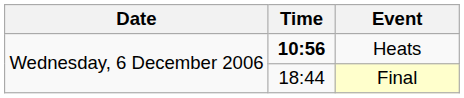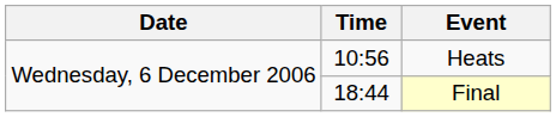 <table class = "wikitable" style="text-align:center;">
 <tr>
 <th width=220>Date</th>
 <th width=50>Time</th>
 <th width=100>Event</th>
 </tr>
 <tr>
 <td rowspan=2>Wednesday, 6 December 2006</td>
-<td><strong>10:56</strong></td>
+<td>10:56</td>
 <td>Heats</td>
 </tr>
 <tr>
 <td>18:44</td>
 <td bgcolor=ffffcc>Final</td>
 </tr>
 </table>
